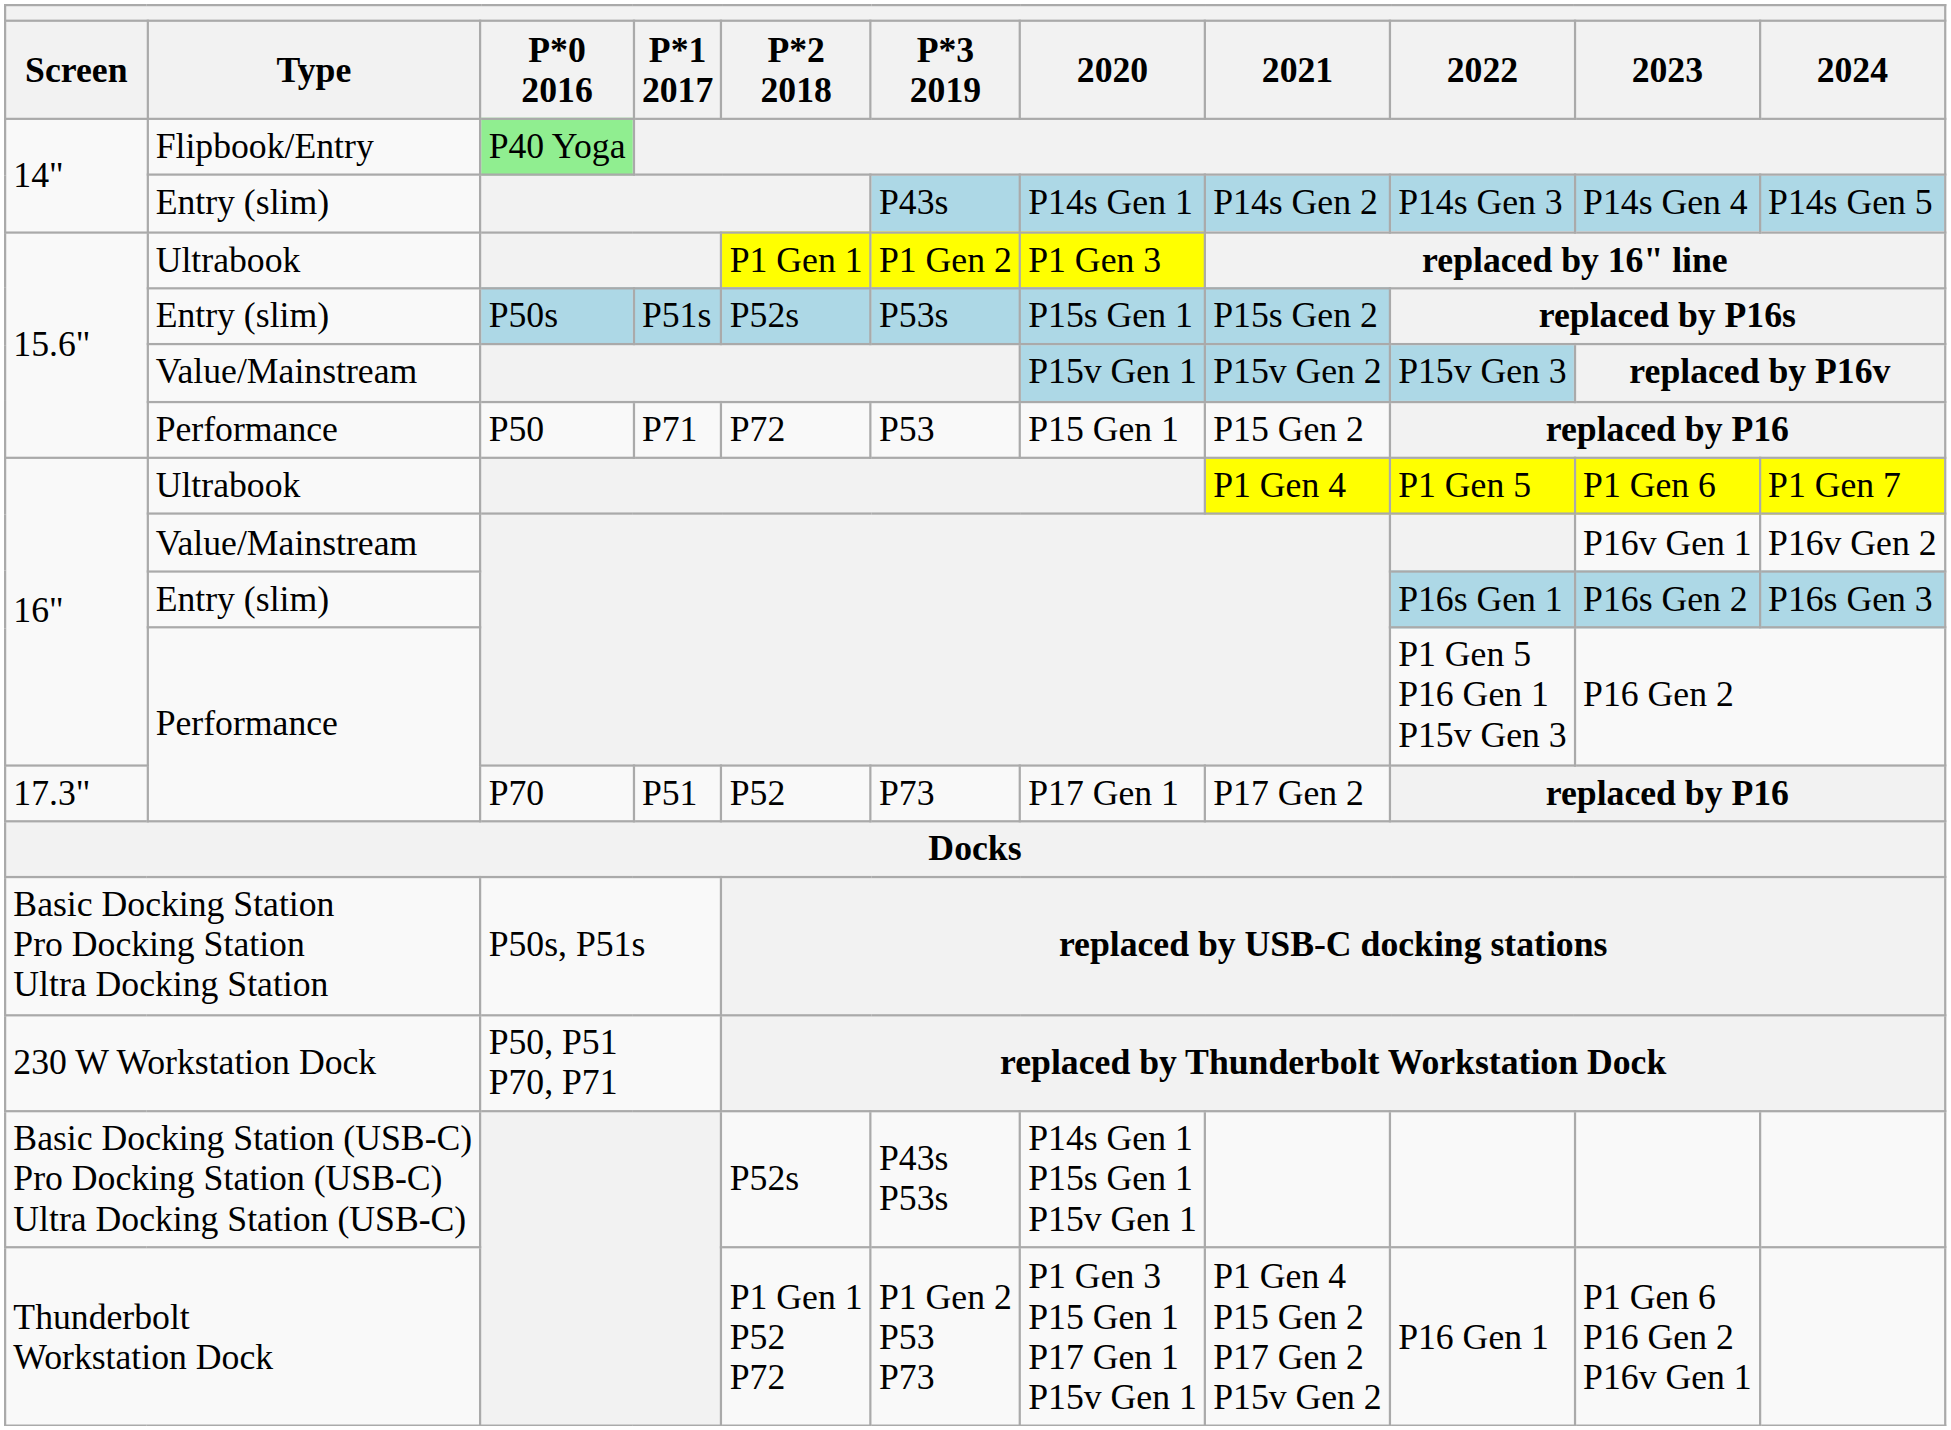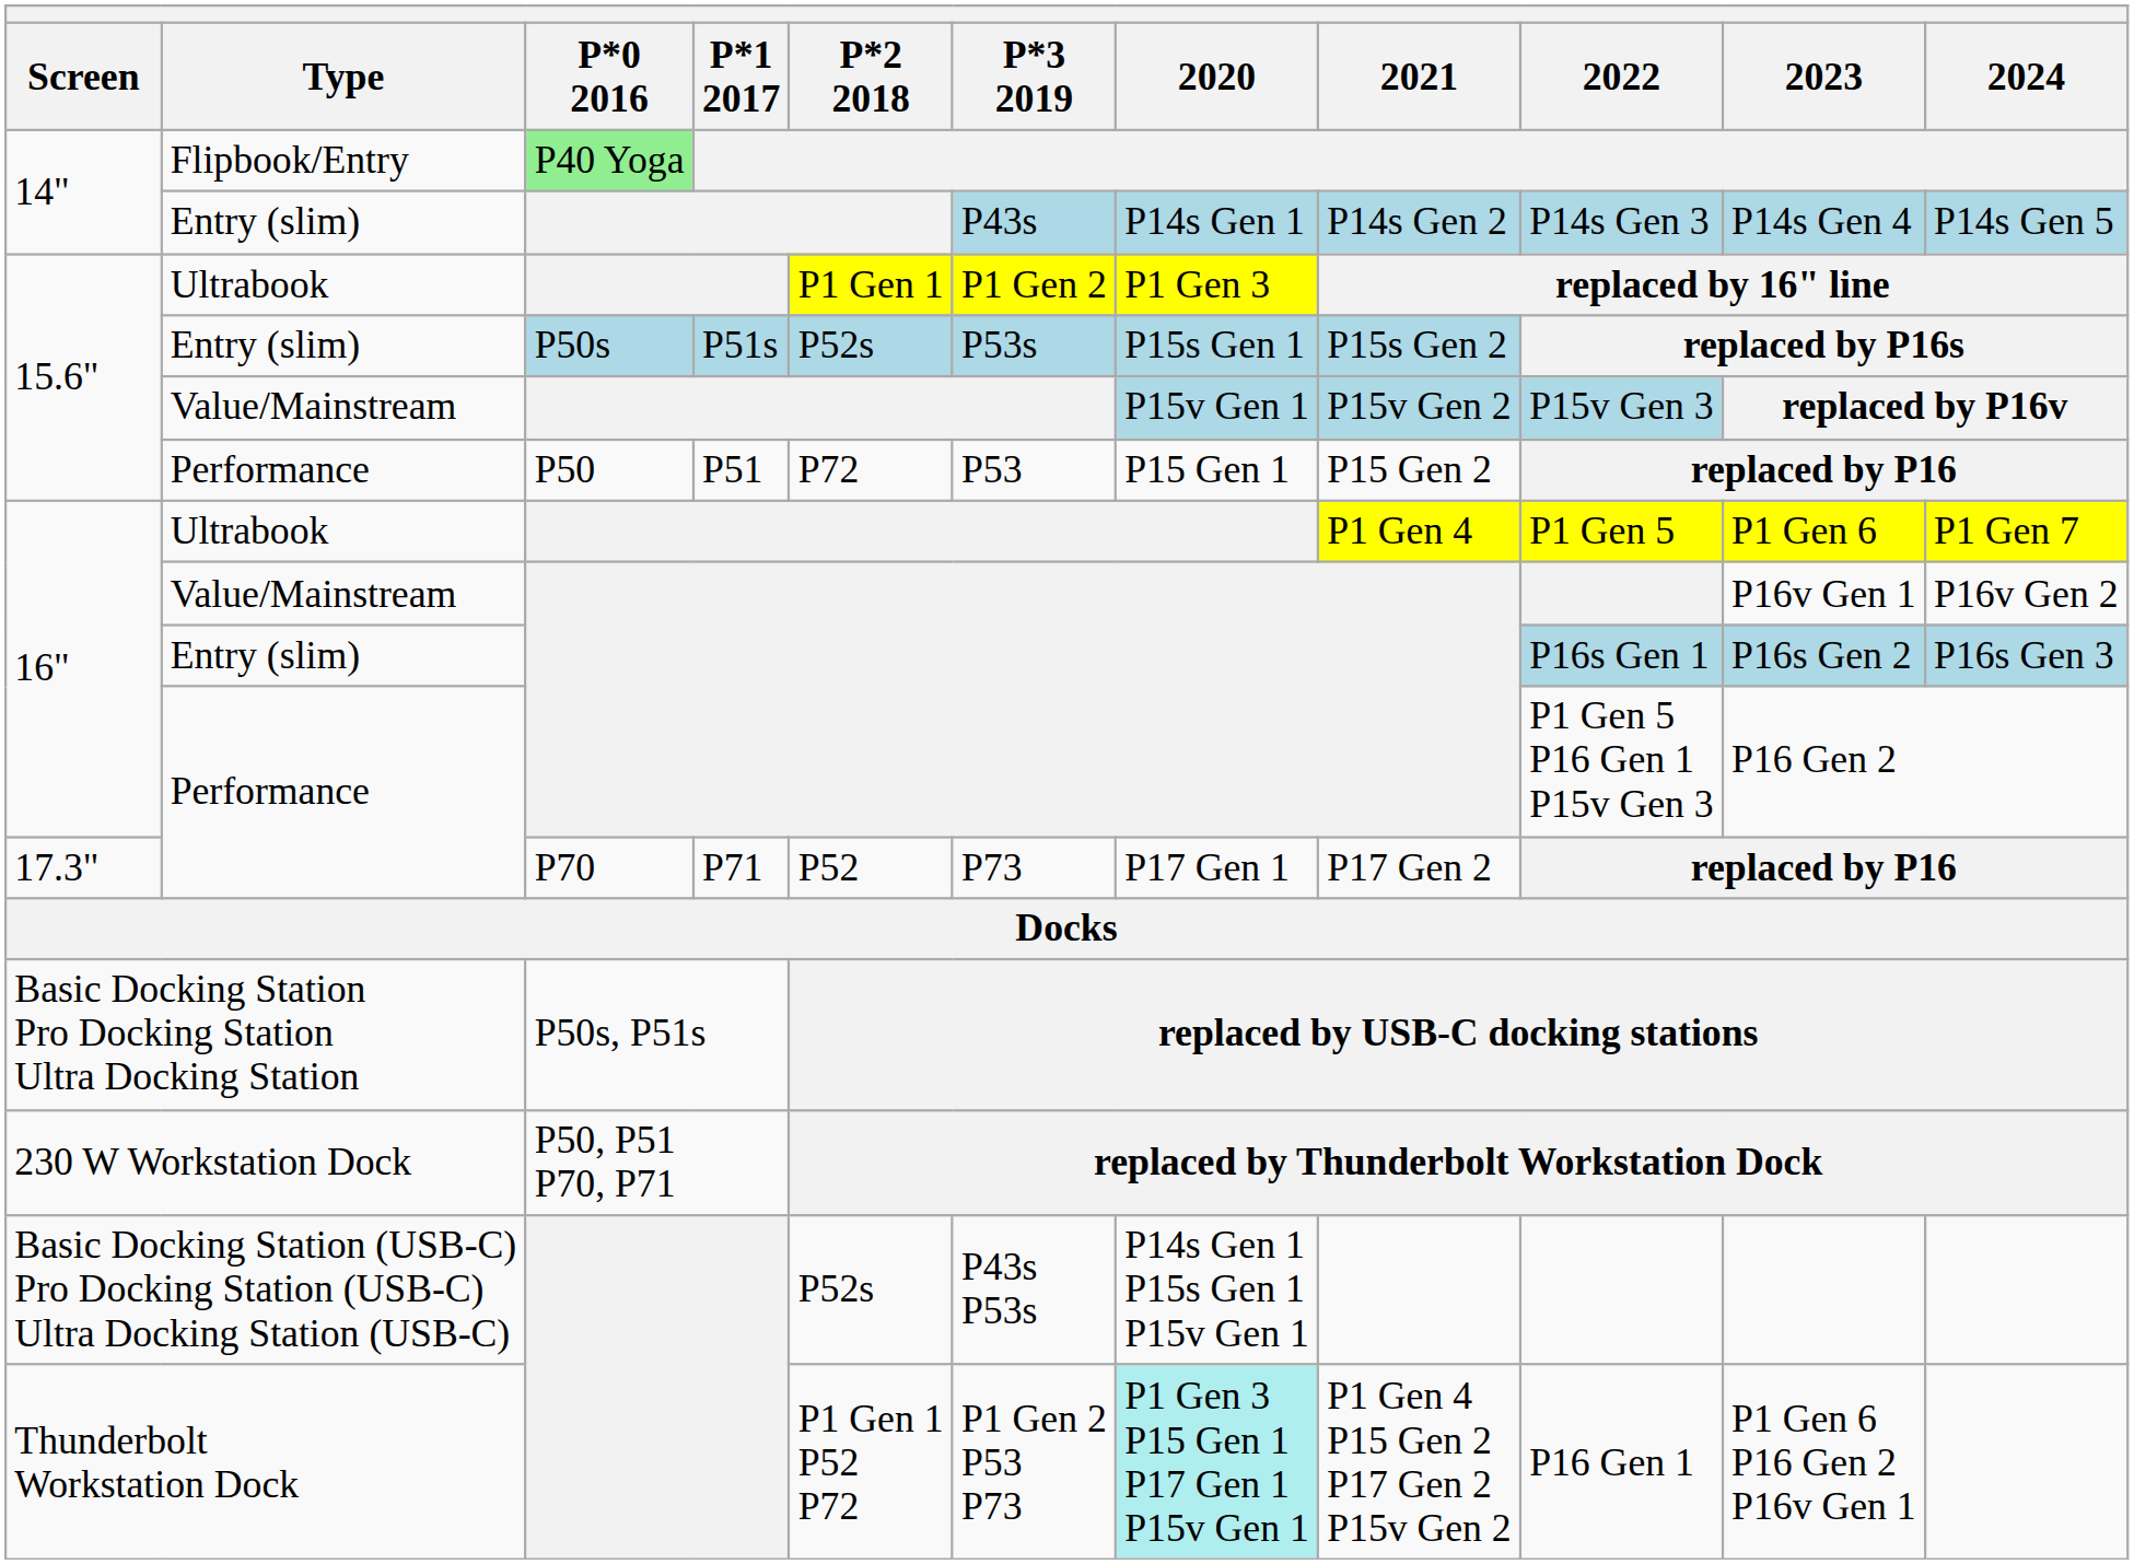 <table class="wikitable mw-collapsible" style="min-width: 30%;">
 <tr>
 <th colspan="11" style="text-align:center;"></th>
 </tr>
 <tr>
 <th>Screen</th>
 <th>Type</th>
 <th>P*0<br>2016</th>
 <th>P*1<br>2017</th>
 <th>P*2<br>2018</th>
 <th>P*3<br>2019</th>
 <th>2020</th>
 <th>2021</th>
 <th>2022</th>
 <th>2023</th>
 <th>2024</th>
 </tr>
 <tr>
 <td rowspan="2">14"</td>
 <td>Flipbook/Entry</td>
 <td bgcolor="lightgreen">P40 Yoga</td>
 <th colspan="8"></th>
 </tr>
 <tr>
 <td>Entry (slim)</td>
 <th colspan="3"></th>
 <td bgcolor="lightblue">P43s</td>
 <td bgcolor="lightblue">P14s Gen 1</td>
 <td bgcolor="lightblue">P14s Gen 2</td>
 <td bgcolor="lightblue">P14s Gen 3</td>
 <td bgcolor="lightblue">P14s Gen 4</td>
 <td bgcolor="lightblue">P14s Gen 5</td>
 </tr>
 <tr>
 <td rowspan="4">15.6"</td>
 <td>Ultrabook</td>
 <th colspan="2"></th>
 <td bgcolor="yellow">P1 Gen 1</td>
 <td bgcolor="yellow">P1 Gen 2</td>
 <td bgcolor="yellow">P1 Gen 3</td>
 <th colspan="4">replaced by 16" line</th>
 </tr>
 <tr>
 <td>Entry (slim)</td>
 <td bgcolor="lightblue">P50s</td>
 <td bgcolor="lightblue">P51s</td>
 <td bgcolor="lightblue">P52s</td>
 <td bgcolor="lightblue">P53s</td>
 <td bgcolor="lightblue">P15s Gen 1</td>
 <td bgcolor="lightblue">P15s Gen 2</td>
 <th colspan="3">replaced by P16s</th>
 </tr>
 <tr>
 <td>Value/Mainstream</td>
 <th colspan="4"></th>
 <td bgcolor="lightblue">P15v Gen 1</td>
 <td bgcolor="lightblue">P15v Gen 2</td>
 <td bgcolor="lightblue">P15v Gen 3</td>
 <th colspan="2">replaced by P16v</th>
 </tr>
 <tr>
 <td>Performance</td>
 <td>P50</td>
-<td>P71</td>
+<td>P51</td>
 <td>P72</td>
 <td>P53</td>
 <td>P15 Gen 1</td>
 <td>P15 Gen 2</td>
 <th colspan="3">replaced by P16</th>
 </tr>
 <tr>
 <td rowspan="4">16"</td>
 <td>Ultrabook</td>
 <th colspan="5"></th>
 <td bgcolor="yellow">P1 Gen 4</td>
 <td bgcolor="yellow">P1 Gen 5</td>
 <td bgcolor="yellow">P1 Gen 6</td>
 <td bgcolor="yellow">P1 Gen 7</td>
 </tr>
 <tr>
 <td>Value/Mainstream</td>
 <th colspan="6" rowspan="3"></th>
 <th></th>
 <td>P16v Gen 1</td>
 <td>P16v Gen 2</td>
 </tr>
 <tr>
 <td>Entry (slim)</td>
 <td bgcolor="lightblue">P16s Gen 1</td>
 <td bgcolor="lightblue">P16s Gen 2</td>
 <td bgcolor="lightblue">P16s Gen 3</td>
 </tr>
 <tr>
 <td rowspan="2">Performance</td>
 <td>P1 Gen 5<br>P16 Gen 1<br>P15v Gen 3</td>
 <td colspan="2">P16 Gen 2</td>
 </tr>
 <tr>
 <td>17.3"</td>
 <td>P70</td>
-<td>P51</td>
+<td>P71</td>
 <td>P52</td>
 <td>P73</td>
 <td>P17 Gen 1</td>
 <td>P17 Gen 2</td>
 <th colspan="3">replaced by P16</th>
 </tr>
 <tr>
 <th colspan="11">Docks</th>
 </tr>
 <tr>
 <td colspan="2">Basic Docking Station<br>Pro Docking Station<br>Ultra Docking Station</td>
 <td colspan="2">P50s, P51s</td>
 <th colspan="7">replaced by USB-C docking stations</th>
 </tr>
 <tr>
 <td colspan="2">230 W Workstation Dock</td>
 <td colspan="2">P50, P51<br>P70, P71</td>
 <th colspan="7">replaced by Thunderbolt Workstation Dock</th>
 </tr>
 <tr>
 <td colspan="2">Basic Docking Station (USB-C)<br>Pro Docking Station (USB-C)<br>Ultra Docking Station (USB-C)</td>
 <th colspan="2" rowspan="2"></th>
 <td>P52s</td>
 <td>P43s<br>P53s</td>
 <td>P14s Gen 1<br>P15s Gen 1<br>P15v Gen 1</td>
 <td></td>
 <td></td>
 <td></td>
 <td></td>
 </tr>
 <tr>
 <td colspan="2">Thunderbolt<br>Workstation Dock</td>
 <td>P1 Gen 1<br>P52<br>P72</td>
 <td>P1 Gen 2<br>P53<br>P73</td>
-<td>P1 Gen 3<br>P15 Gen 1<br>P17 Gen 1<br>P15v Gen 1</td>
+<td style="background: paleturquoise;">P1 Gen 3<br>P15 Gen 1<br>P17 Gen 1<br>P15v Gen 1</td>
 <td>P1 Gen 4<br>P15 Gen 2<br>P17 Gen 2<br>P15v Gen 2</td>
 <td>P16 Gen 1</td>
 <td>P1 Gen 6<br>P16 Gen 2<br>P16v Gen 1</td>
 <td></td>
 </tr>
 </table>
